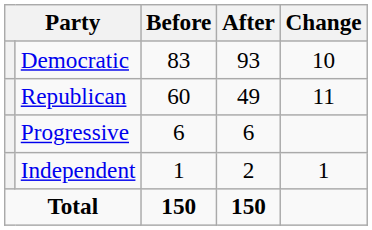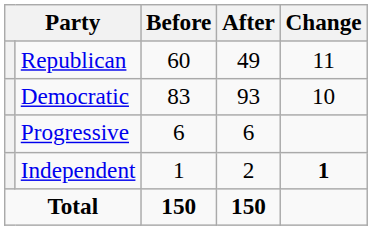 <table class="wikitable" style="text-align:center;">
 <tr>
 <th colspan="2">Party</th>
 <th>Before</th>
 <th>After</th>
 <th>Change</th>
 </tr>
 <tr>
 <th style="background-color:"></th>
+<td style="text-align:left;"><a href='#'>Republican</a></td>
+<td>60</td>
+<td>49</td>
+<td> 11</td>
+</tr>
+<tr>
+<th style="background-color:"></th>
 <td style="text-align:left;"><a href='#'>Democratic</a></td>
 <td>83</td>
 <td>93</td>
 <td> 10</td>
-</tr>
-<tr>
-<th style="background-color:"></th>
-<td style="text-align:left;"><a href='#'>Republican</a></td>
-<td>60</td>
-<td>49</td>
-<td> 11</td>
 </tr>
 <tr>
 <th style="background-color:"></th>
 <td style="text-align:left;"><a href='#'>Progressive</a></td>
 <td>6</td>
 <td>6</td>
 <td></td>
 </tr>
 <tr>
 <th style="background-color:"></th>
 <td style="text-align:left;"><a href='#'>Independent</a></td>
 <td>1</td>
 <td>2</td>
-<td> 1</td>
+<td><strong> 1</strong></td>
 </tr>
 <tr>
 <td colspan="2"><strong>Total</strong></td>
 <td><strong>150</strong></td>
 <td><strong>150</strong></td>
 <td></td>
 </tr>
 </table>
